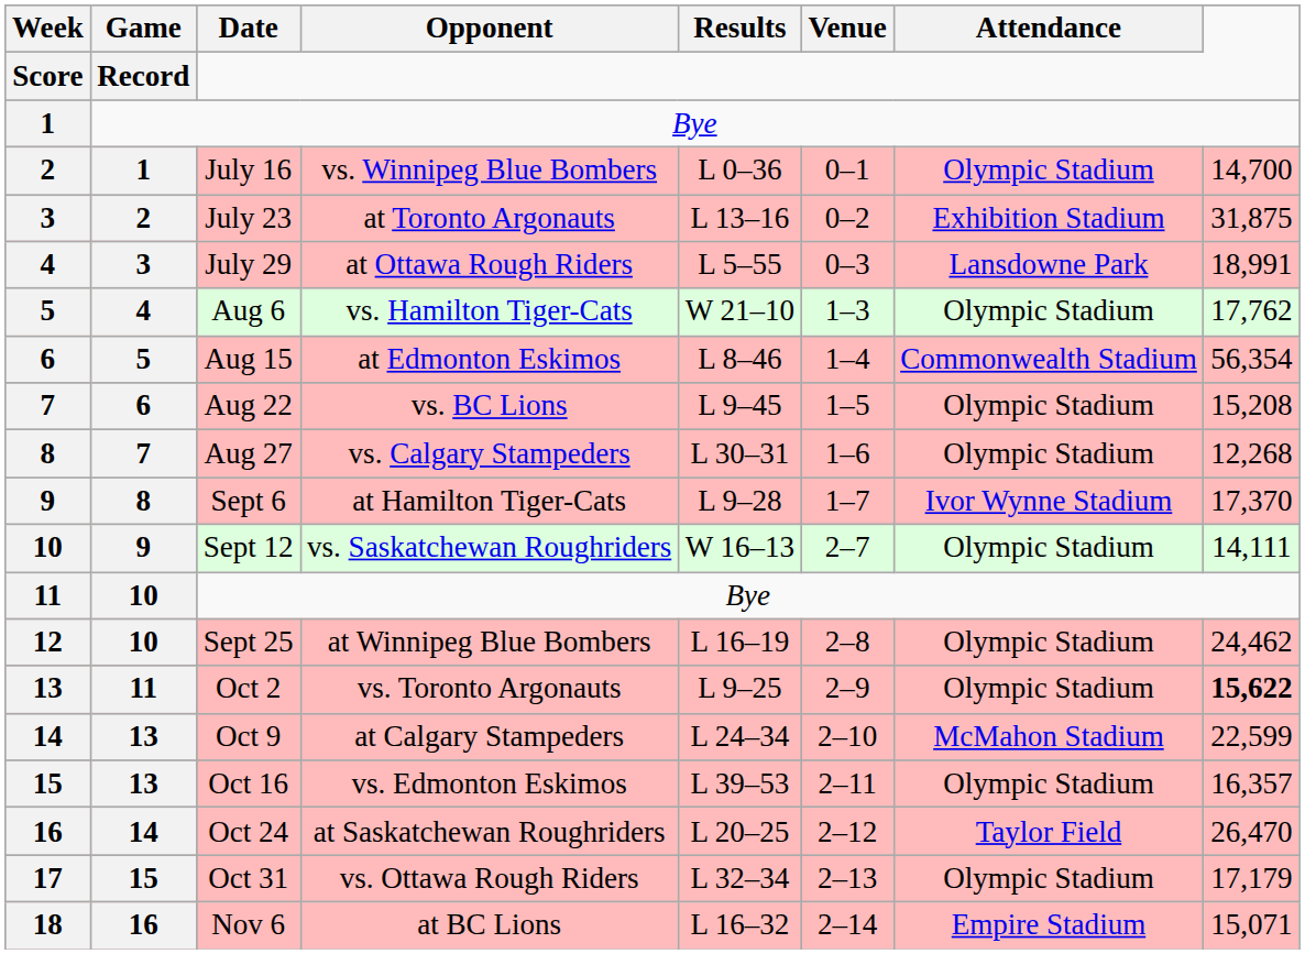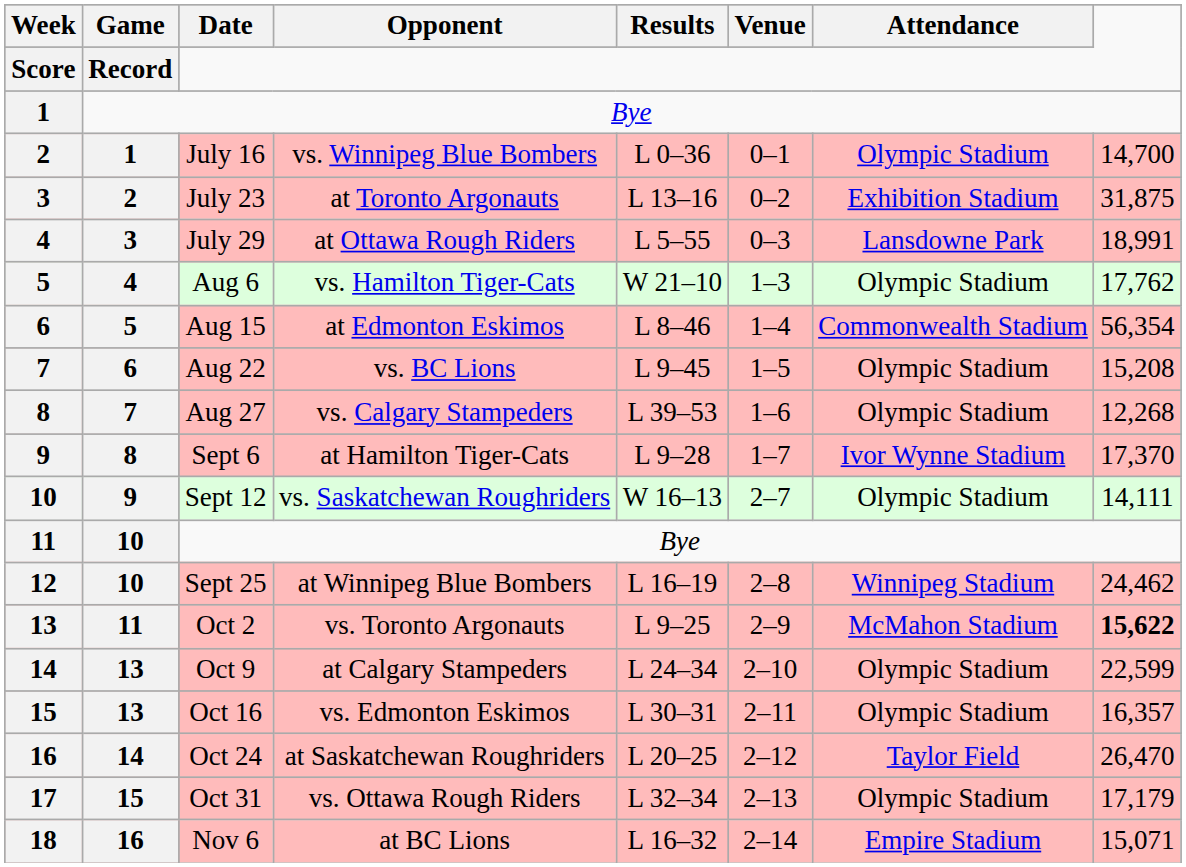 <table class="wikitable" style="text-align:center">
 <tr>
 <th>Week</th>
 <th>Game</th>
 <th>Date</th>
 <th>Opponent</th>
 <th>Results</th>
 <th>Venue</th>
 <th>Attendance</th>
 </tr>
 <tr>
 <th>Score</th>
 <th>Record</th>
 </tr>
 <tr>
 <th>1</th>
 <td colspan=7><em><a href='#'>Bye</a></em></td>
 </tr>
 <tr style="background:#ffbbbb">
 <th>2</th>
 <th>1</th>
 <td>July 16</td>
 <td>vs. <a href='#'>Winnipeg Blue Bombers</a></td>
 <td>L 0–36</td>
 <td>0–1</td>
 <td><a href='#'>Olympic Stadium</a></td>
 <td>14,700</td>
 </tr>
 <tr style="background:#ffbbbb">
 <th>3</th>
 <th>2</th>
 <td>July 23</td>
 <td>at <a href='#'>Toronto Argonauts</a></td>
 <td>L 13–16</td>
 <td>0–2</td>
 <td><a href='#'>Exhibition Stadium</a></td>
 <td>31,875</td>
 </tr>
 <tr style="background:#ffbbbb">
 <th>4</th>
 <th>3</th>
 <td>July 29</td>
 <td>at <a href='#'>Ottawa Rough Riders</a></td>
 <td>L 5–55</td>
 <td>0–3</td>
 <td><a href='#'>Lansdowne Park</a></td>
 <td>18,991</td>
 </tr>
 <tr style="background:#ddffdd">
 <th>5</th>
 <th>4</th>
 <td>Aug 6</td>
 <td>vs. <a href='#'>Hamilton Tiger-Cats</a></td>
 <td>W 21–10</td>
 <td>1–3</td>
 <td>Olympic Stadium</td>
 <td>17,762</td>
 </tr>
 <tr style="background:#ffbbbb">
 <th>6</th>
 <th>5</th>
 <td>Aug 15</td>
 <td>at <a href='#'>Edmonton Eskimos</a></td>
 <td>L 8–46</td>
 <td>1–4</td>
 <td><a href='#'>Commonwealth Stadium</a></td>
 <td>56,354</td>
 </tr>
 <tr style="background:#ffbbbb">
 <th>7</th>
 <th>6</th>
 <td>Aug 22</td>
 <td>vs. <a href='#'>BC Lions</a></td>
 <td>L 9–45</td>
 <td>1–5</td>
 <td>Olympic Stadium</td>
 <td>15,208</td>
 </tr>
 <tr style="background:#ffbbbb">
 <th>8</th>
 <th>7</th>
 <td>Aug 27</td>
 <td>vs. <a href='#'>Calgary Stampeders</a></td>
-<td>L 30–31</td>
+<td>L 39–53</td>
 <td>1–6</td>
 <td>Olympic Stadium</td>
 <td>12,268</td>
 </tr>
 <tr style="background:#ffbbbb">
 <th>9</th>
 <th>8</th>
 <td>Sept 6</td>
 <td>at Hamilton Tiger-Cats</td>
 <td>L 9–28</td>
 <td>1–7</td>
 <td><a href='#'>Ivor Wynne Stadium</a></td>
 <td>17,370</td>
 </tr>
 <tr style="background:#ddffdd">
 <th>10</th>
 <th>9</th>
 <td>Sept 12</td>
 <td>vs. <a href='#'>Saskatchewan Roughriders</a></td>
 <td>W 16–13</td>
 <td>2–7</td>
 <td>Olympic Stadium</td>
 <td>14,111</td>
 </tr>
 <tr>
 <th>11</th>
 <th>10</th>
 <td colspan=7><em>Bye</em></td>
 </tr>
 <tr style="background:#ffbbbb">
 <th>12</th>
 <th>10</th>
 <td>Sept 25</td>
 <td>at Winnipeg Blue Bombers</td>
 <td>L 16–19</td>
 <td>2–8</td>
-<td>Olympic Stadium</td>
+<td><a href='#'>Winnipeg Stadium</a></td>
 <td>24,462</td>
 </tr>
 <tr style="background:#ffbbbb">
 <th>13</th>
 <th>11</th>
 <td>Oct 2</td>
 <td>vs. Toronto Argonauts</td>
 <td>L 9–25</td>
 <td>2–9</td>
-<td>Olympic Stadium</td>
+<td><a href='#'>McMahon Stadium</a></td>
 <td><strong>15,622</strong></td>
 </tr>
 <tr style="background:#ffbbbb">
 <th>14</th>
 <th>13</th>
 <td>Oct 9</td>
 <td>at Calgary Stampeders</td>
 <td>L 24–34</td>
 <td>2–10</td>
-<td><a href='#'>McMahon Stadium</a></td>
+<td>Olympic Stadium</td>
 <td>22,599</td>
 </tr>
 <tr style="background:#ffbbbb">
 <th>15</th>
 <th>13</th>
 <td>Oct 16</td>
 <td>vs. Edmonton Eskimos</td>
-<td>L 39–53</td>
+<td>L 30–31</td>
 <td>2–11</td>
 <td>Olympic Stadium</td>
 <td>16,357</td>
 </tr>
 <tr style="background:#ffbbbb">
 <th>16</th>
 <th>14</th>
 <td>Oct 24</td>
 <td>at Saskatchewan Roughriders</td>
 <td>L 20–25</td>
 <td>2–12</td>
 <td><a href='#'>Taylor Field</a></td>
 <td>26,470</td>
 </tr>
 <tr style="background:#ffbbbb">
 <th>17</th>
 <th>15</th>
 <td>Oct 31</td>
 <td>vs. Ottawa Rough Riders</td>
 <td>L 32–34</td>
 <td>2–13</td>
 <td>Olympic Stadium</td>
 <td>17,179</td>
 </tr>
 <tr style="background:#ffbbbb">
 <th>18</th>
 <th>16</th>
 <td>Nov 6</td>
 <td>at BC Lions</td>
 <td>L 16–32</td>
 <td>2–14</td>
 <td><a href='#'>Empire Stadium</a></td>
 <td>15,071</td>
 </tr>
 </table>
